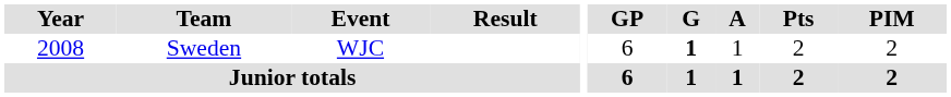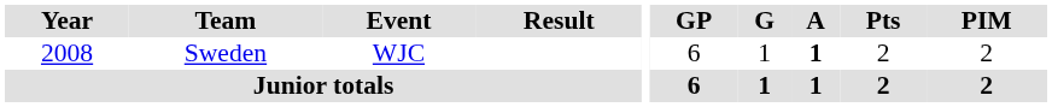 <table border="0" cellpadding="1" cellspacing="0" ID="Table3" style="text-align:center; width:40em">
 <tr ALIGN="center" bgcolor="#e0e0e0">
 <th>Year</th>
 <th>Team</th>
 <th>Event</th>
 <th>Result</th>
 <th rowspan="99" bgcolor="#ffffff"></th>
 <th>GP</th>
 <th>G</th>
 <th>A</th>
 <th>Pts</th>
 <th>PIM</th>
 </tr>
 <tr ALIGN="center">
 <td><a href='#'>2008</a></td>
 <td><a href='#'>Sweden</a></td>
 <td><a href='#'>WJC</a></td>
 <td></td>
 <td>6</td>
+<td>1</td>
 <td><strong>1</strong></td>
-<td>1</td>
 <td>2</td>
 <td>2</td>
 </tr>
 <tr bgcolor="#e0e0e0">
 <th colspan="4">Junior totals</th>
 <th>6</th>
 <th>1</th>
 <th>1</th>
 <th>2</th>
 <th>2</th>
 </tr>
 </table>
